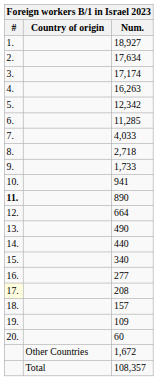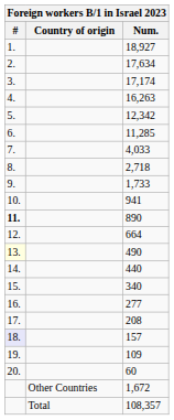 <table class="wikitable mw-collapsible mw-collapsed">
 <tr>
 <th colspan="3">Foreign workers B/1 in Israel 2023</th>
 </tr>
 <tr>
 <th>#</th>
 <th>Country of origin</th>
 <th>Num.</th>
 </tr>
 <tr>
 <td>1.</td>
 <td></td>
 <td>18,927</td>
 </tr>
 <tr>
 <td>2.</td>
 <td></td>
 <td>17,634</td>
 </tr>
 <tr>
 <td>3.</td>
 <td></td>
 <td>17,174</td>
 </tr>
 <tr>
 <td>4.</td>
 <td></td>
 <td>16,263</td>
 </tr>
 <tr>
 <td>5.</td>
 <td></td>
 <td>12,342</td>
 </tr>
 <tr>
 <td>6.</td>
 <td></td>
 <td>11,285</td>
 </tr>
 <tr>
 <td>7.</td>
 <td></td>
 <td>4,033</td>
 </tr>
 <tr>
 <td>8.</td>
 <td></td>
 <td>2,718</td>
 </tr>
 <tr>
 <td>9.</td>
 <td></td>
 <td>1,733</td>
 </tr>
 <tr>
 <td>10.</td>
 <td></td>
 <td>941</td>
 </tr>
 <tr>
 <td><strong>11.</strong></td>
 <td></td>
 <td>890</td>
 </tr>
 <tr>
 <td>12.</td>
 <td></td>
 <td>664</td>
 </tr>
 <tr>
-<td>13.</td>
+<td style="background: lightyellow;">13.</td>
 <td></td>
 <td>490</td>
 </tr>
 <tr>
 <td>14.</td>
 <td></td>
 <td>440</td>
 </tr>
 <tr>
 <td>15.</td>
 <td></td>
 <td>340</td>
 </tr>
 <tr>
 <td>16.</td>
 <td></td>
 <td>277</td>
 </tr>
 <tr>
-<td style="background: lightyellow;">17.</td>
+<td>17.</td>
 <td></td>
 <td>208</td>
 </tr>
 <tr>
-<td>18.</td>
+<td style="background: lavender;">18.</td>
 <td></td>
 <td>157</td>
 </tr>
 <tr>
 <td>19.</td>
 <td></td>
 <td>109</td>
 </tr>
 <tr>
 <td>20.</td>
 <td></td>
 <td>60</td>
 </tr>
 <tr>
 <td></td>
 <td>Other Countries</td>
 <td>1,672</td>
 </tr>
 <tr>
 <td></td>
 <td>Total</td>
 <td>108,357</td>
 </tr>
 </table>
